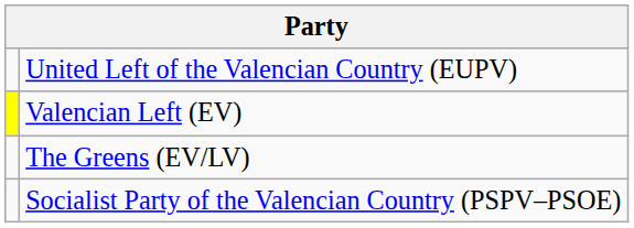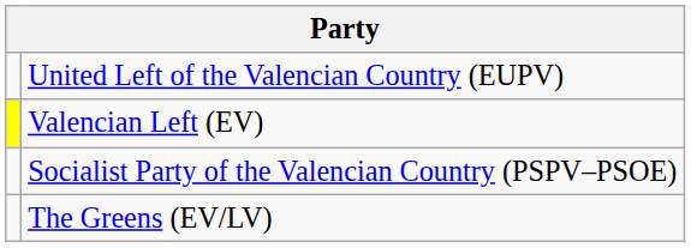 <table class="wikitable" style="text-align:left; font-size:97%;">
 <tr>
 <th colspan="2">Party</th>
 </tr>
 <tr>
 <td width="1"></td>
 <td><a href='#'>United Left of the Valencian Country</a> (EUPV)</td>
 </tr>
 <tr>
 <td bgcolor="yellow"></td>
 <td><a href='#'>Valencian Left</a> (EV)</td>
 </tr>
 <tr>
 <td></td>
-<td><a href='#'>The Greens</a> (EV/LV)</td>
+<td><a href='#'>Socialist Party of the Valencian Country</a> (PSPV–PSOE)</td>
 </tr>
 <tr>
 <td></td>
-<td><a href='#'>Socialist Party of the Valencian Country</a> (PSPV–PSOE)</td>
+<td><a href='#'>The Greens</a> (EV/LV)</td>
 </tr>
 </table>
